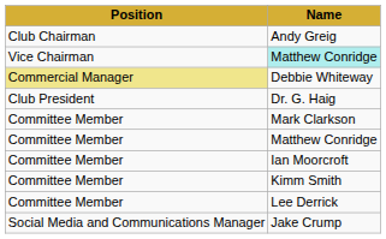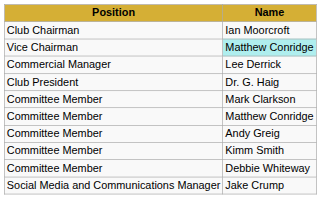 <table class="wikitable">
 <tr>
 <th style="background-color:#d5af35; color:black;;" scope="col">Position</th>
 <th style="background-color:#d5af35; color:black;;" scope="col">Name</th>
 </tr>
 <tr>
 <td>Club Chairman</td>
-<td>Andy Greig</td>
+<td>Ian Moorcroft</td>
 </tr>
 <tr>
 <td>Vice Chairman</td>
 <td style="background: paleturquoise;">Matthew Conridge</td>
 </tr>
 <tr>
-<td style="background: khaki;">Commercial Manager</td>
-<td>Debbie Whiteway</td>
+<td>Commercial Manager</td>
+<td>Lee Derrick</td>
 </tr>
 <tr>
 <td>Club President</td>
 <td>Dr. G. Haig</td>
 </tr>
 <tr>
 <td>Committee Member</td>
 <td>Mark Clarkson</td>
 </tr>
 <tr>
 <td>Committee Member</td>
 <td>Matthew Conridge</td>
 </tr>
 <tr>
 <td>Committee Member</td>
-<td>Ian Moorcroft</td>
+<td>Andy Greig</td>
 </tr>
 <tr>
 <td>Committee Member</td>
 <td>Kimm Smith</td>
 </tr>
 <tr>
 <td>Committee Member</td>
-<td>Lee Derrick</td>
+<td>Debbie Whiteway</td>
 </tr>
 <tr>
 <td>Social Media and Communications Manager</td>
 <td>Jake Crump</td>
 </tr>
 </table>
